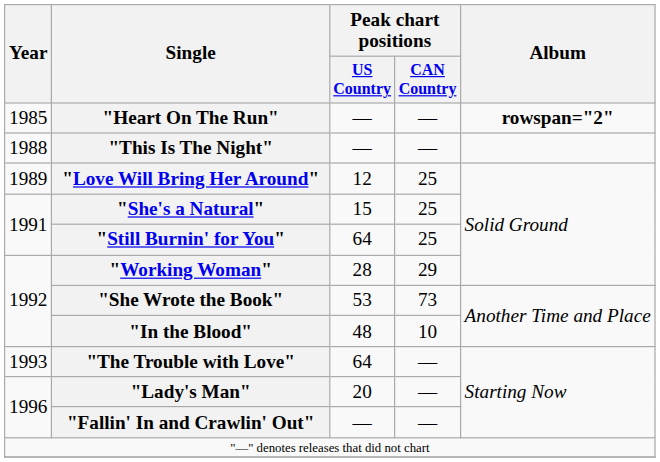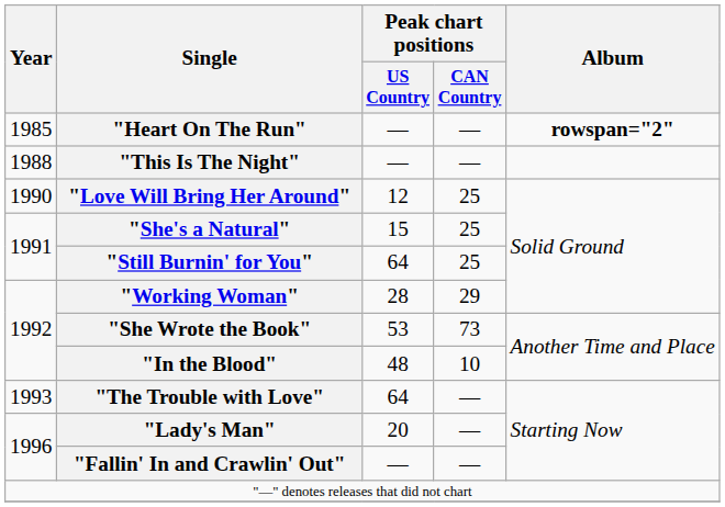 <table class="wikitable plainrowheaders" style="text-align:center;">
 <tr>
 <th rowspan="2">Year</th>
 <th rowspan="2" style="width:14em;">Single</th>
 <th colspan="2">Peak chart<br>positions</th>
 <th rowspan="2">Album</th>
 </tr>
 <tr style="font-size:smaller;"|->
 <th width="45"><a href='#'>US Country</a></th>
 <th width="45"><a href='#'>CAN Country</a></th>
 </tr>
 <tr>
 <td>1985</td>
 <th scope="row">"Heart On The Run"</th>
 <td>—</td>
 <td>—</td>
 <td><strong>rowspan="2" </strong></td>
 </tr>
 <tr>
 <td>1988</td>
 <th scope="row">"This Is The Night"</th>
 <td>—</td>
 <td>—</td>
 </tr>
 <tr>
-<td>1989</td>
+<td>1990</td>
 <th scope="row">"<a href='#'>Love Will Bring Her Around</a>"</th>
 <td>12</td>
 <td>25</td>
 <td align="left" rowspan="4"><em>Solid Ground</em></td>
 </tr>
 <tr>
 <td rowspan="2">1991</td>
 <th scope="row">"<a href='#'>She's a Natural</a>"</th>
 <td>15</td>
 <td>25</td>
 </tr>
 <tr>
 <th scope="row">"<a href='#'>Still Burnin' for You</a>"</th>
 <td>64</td>
 <td>25</td>
 </tr>
 <tr>
 <td rowspan="3">1992</td>
 <th scope="row">"<a href='#'>Working Woman</a>"</th>
 <td>28</td>
 <td>29</td>
 </tr>
 <tr>
 <th scope="row">"She Wrote the Book"</th>
 <td>53</td>
 <td>73</td>
 <td align="left" rowspan="2"><em>Another Time and Place</em></td>
 </tr>
 <tr>
 <th scope="row">"In the Blood"</th>
 <td>48</td>
 <td>10</td>
 </tr>
 <tr>
 <td>1993</td>
 <th scope="row">"The Trouble with Love"</th>
 <td>64</td>
 <td>—</td>
 <td align="left" rowspan="3"><em>Starting Now</em></td>
 </tr>
 <tr>
 <td rowspan="2">1996</td>
 <th scope="row">"Lady's Man"</th>
 <td>20</td>
 <td>—</td>
 </tr>
 <tr>
 <th scope="row">"Fallin' In and Crawlin' Out"</th>
 <td>—</td>
 <td>—</td>
 </tr>
 <tr>
 <td colspan="5" style="font-size:8pt">"—" denotes releases that did not chart</td>
 </tr>
 <tr>
 </tr>
 </table>
